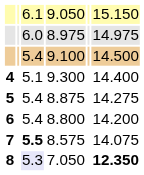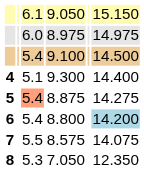 <table>
 <tr style="background:#fffcaf;">
 <td></td>
 <td align=left></td>
 <td>6.1</td>
 <td>9.050</td>
 <td></td>
 <td>15.150</td>
 </tr>
 <tr style="background:#e5e5e5;">
 <td></td>
 <td align=left></td>
 <td>6.0</td>
 <td>8.975</td>
 <td></td>
 <td>14.975</td>
 </tr>
 <tr style="background:#ec9;">
 <td></td>
 <td align=left></td>
 <td>5.4</td>
 <td>9.100</td>
 <td></td>
 <td>14.500</td>
 </tr>
 <tr>
 <th><strong>4</strong></th>
 <td align=left></td>
 <td>5.1</td>
 <td>9.300</td>
 <td></td>
 <td>14.400</td>
 </tr>
 <tr>
 <th><strong>5</strong></th>
 <td align=left></td>
-<td>5.4</td>
+<td style="background: lightsalmon;">5.4</td>
 <td>8.875</td>
 <td></td>
 <td>14.275</td>
 </tr>
 <tr>
 <th><strong>6</strong></th>
 <td align=left></td>
 <td>5.4</td>
 <td>8.800</td>
 <td></td>
-<td>14.200</td>
+<td style="background: lightblue;">14.200</td>
 </tr>
 <tr>
 <th><strong>7</strong></th>
 <td align=left></td>
-<td><strong>5.5</strong></td>
+<td>5.5</td>
 <td>8.575</td>
 <td></td>
 <td>14.075</td>
 </tr>
 <tr>
 <th><strong>8</strong></th>
 <td align=left></td>
-<td style="background: lavender;">5.3</td>
+<td>5.3</td>
 <td>7.050</td>
 <td></td>
-<td><strong>12.350</strong></td>
+<td>12.350</td>
 </tr>
 </table>
